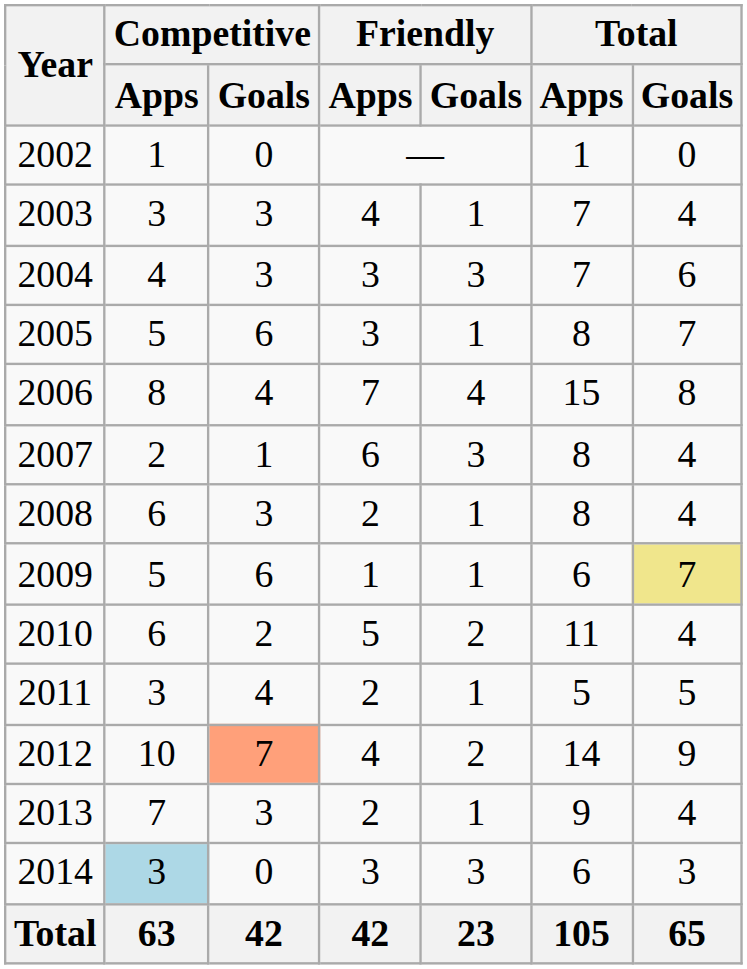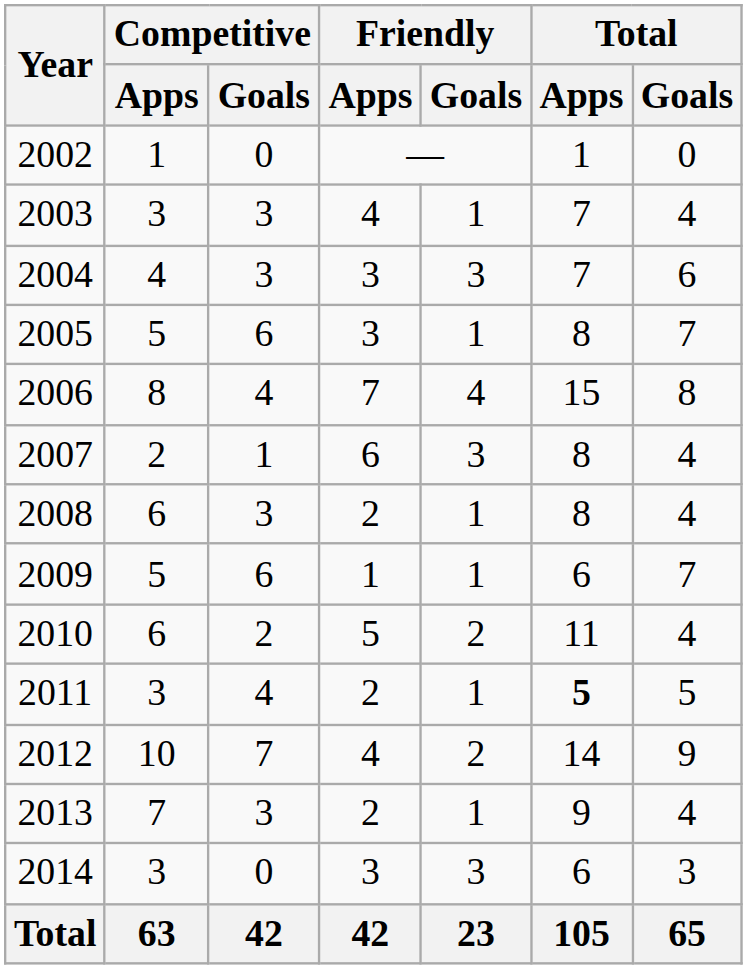 <table class="wikitable" style="text-align:center">
 <tr>
 <th rowspan="2">Year</th>
 <th colspan="2">Competitive</th>
 <th colspan="2">Friendly</th>
 <th colspan="2">Total</th>
 </tr>
 <tr>
 <th>Apps</th>
 <th>Goals</th>
 <th>Apps</th>
 <th>Goals</th>
 <th>Apps</th>
 <th>Goals</th>
 </tr>
 <tr>
 <td>2002</td>
 <td>1</td>
 <td>0</td>
 <td colspan="2">—</td>
 <td>1</td>
 <td>0</td>
 </tr>
 <tr>
 <td>2003</td>
 <td>3</td>
 <td>3</td>
 <td>4</td>
 <td>1</td>
 <td>7</td>
 <td>4</td>
 </tr>
 <tr>
 <td>2004</td>
 <td>4</td>
 <td>3</td>
 <td>3</td>
 <td>3</td>
 <td>7</td>
 <td>6</td>
 </tr>
 <tr>
 <td>2005</td>
 <td>5</td>
 <td>6</td>
 <td>3</td>
 <td>1</td>
 <td>8</td>
 <td>7</td>
 </tr>
 <tr>
 <td>2006</td>
 <td>8</td>
 <td>4</td>
 <td>7</td>
 <td>4</td>
 <td>15</td>
 <td>8</td>
 </tr>
 <tr>
 <td>2007</td>
 <td>2</td>
 <td>1</td>
 <td>6</td>
 <td>3</td>
 <td>8</td>
 <td>4</td>
 </tr>
 <tr>
 <td>2008</td>
 <td>6</td>
 <td>3</td>
 <td>2</td>
 <td>1</td>
 <td>8</td>
 <td>4</td>
 </tr>
 <tr>
 <td>2009</td>
 <td>5</td>
 <td>6</td>
 <td>1</td>
 <td>1</td>
 <td>6</td>
-<td style="background: khaki;">7</td>
+<td>7</td>
 </tr>
 <tr>
 <td>2010</td>
 <td>6</td>
 <td>2</td>
 <td>5</td>
 <td>2</td>
 <td>11</td>
 <td>4</td>
 </tr>
 <tr>
 <td>2011</td>
 <td>3</td>
 <td>4</td>
 <td>2</td>
 <td>1</td>
-<td>5</td>
+<td><strong>5</strong></td>
 <td>5</td>
 </tr>
 <tr>
 <td>2012</td>
 <td>10</td>
-<td style="background: lightsalmon;">7</td>
+<td>7</td>
 <td>4</td>
 <td>2</td>
 <td>14</td>
 <td>9</td>
 </tr>
 <tr>
 <td>2013</td>
 <td>7</td>
 <td>3</td>
 <td>2</td>
 <td>1</td>
 <td>9</td>
 <td>4</td>
 </tr>
 <tr>
 <td>2014</td>
-<td style="background: lightblue;">3</td>
+<td>3</td>
 <td>0</td>
 <td>3</td>
 <td>3</td>
 <td>6</td>
 <td>3</td>
 </tr>
 <tr>
 <th>Total</th>
 <th>63</th>
 <th>42</th>
 <th>42</th>
 <th>23</th>
 <th>105</th>
 <th>65</th>
 </tr>
 </table>
